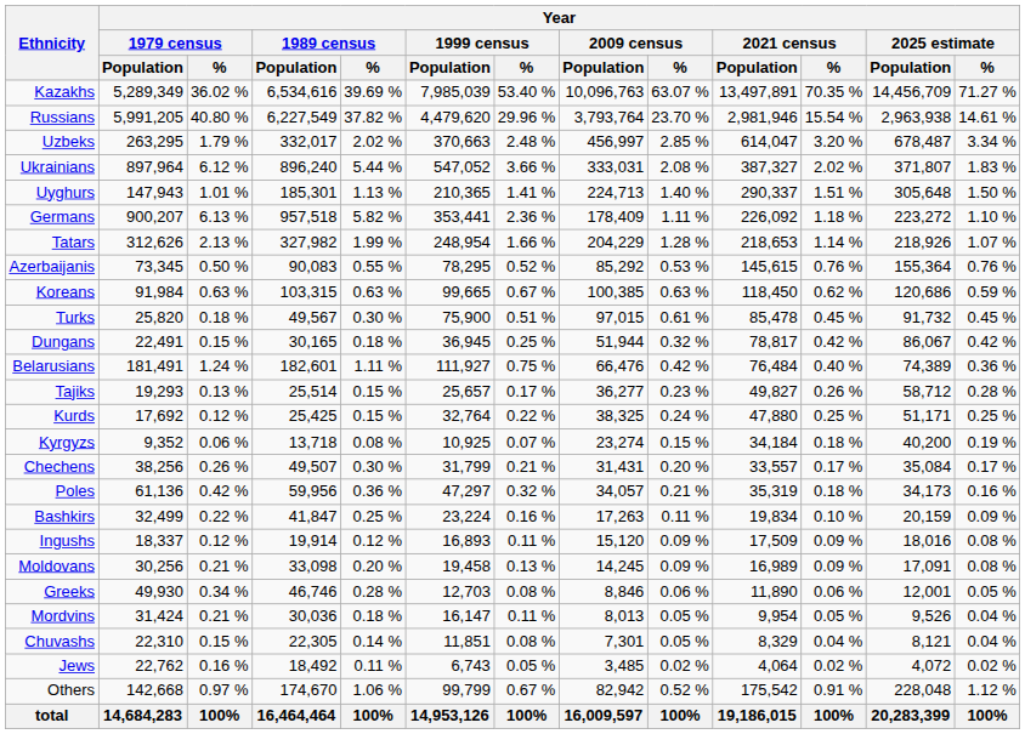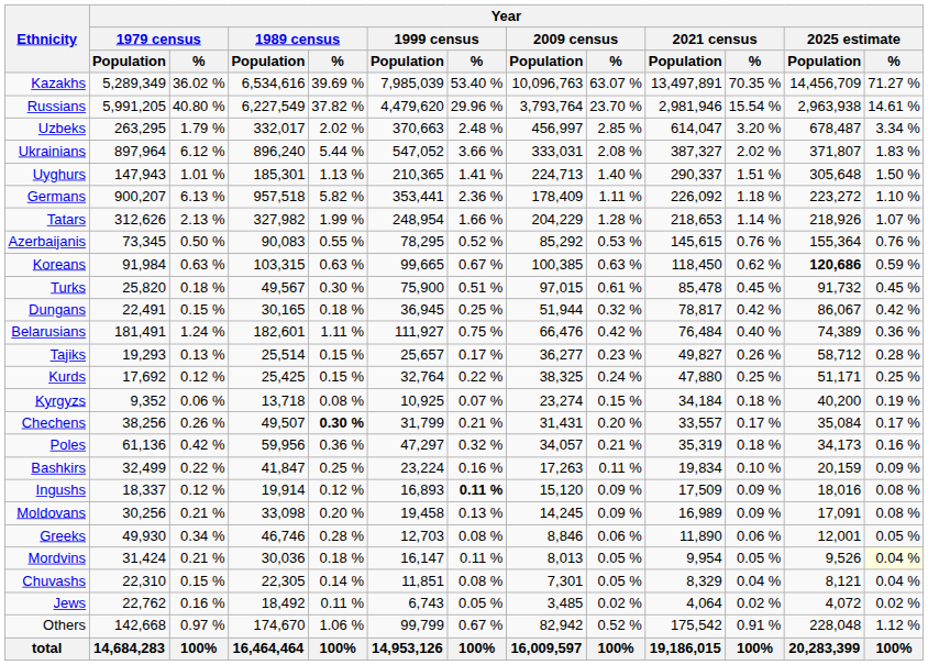 <table class="wikitable sortable" style="text-align:right">
 <tr>
 <th rowspan="3"><a href='#'>Ethnicity</a></th>
 <th colspan="12">Year</th>
 </tr>
 <tr>
 <th colspan="2"><a href='#'>1979 census</a></th>
 <th colspan="2"><a href='#'>1989 census</a></th>
 <th colspan="2">1999 census</th>
 <th colspan="2">2009 census</th>
 <th colspan="2">2021 census</th>
 <th colspan="2">2025 estimate</th>
 </tr>
 <tr align="center">
 <th style="width:60px">Population</th>
 <th>%</th>
 <th style="width:60px">Population</th>
 <th>%</th>
 <th style="width:60px">Population</th>
 <th>%</th>
 <th style="width:60px">Population</th>
 <th>%</th>
 <th>Population</th>
 <th>%</th>
 <th style="width:60px">Population</th>
 <th>%</th>
 </tr>
 <tr>
 <td><a href='#'>Kazakhs</a></td>
 <td>5,289,349</td>
 <td>36.02 %</td>
 <td>6,534,616</td>
 <td>39.69 %</td>
 <td>7,985,039</td>
 <td>53.40 %</td>
 <td>10,096,763</td>
 <td>63.07 %</td>
 <td>13,497,891</td>
 <td>70.35 %</td>
 <td>14,456,709</td>
 <td>71.27 %</td>
 </tr>
 <tr>
 <td><a href='#'>Russians</a></td>
 <td>5,991,205</td>
 <td>40.80 %</td>
 <td>6,227,549</td>
 <td>37.82 %</td>
 <td>4,479,620</td>
 <td>29.96 %</td>
 <td>3,793,764</td>
 <td>23.70 %</td>
 <td>2,981,946</td>
 <td>15.54 %</td>
 <td>2,963,938</td>
 <td>14.61 %</td>
 </tr>
 <tr>
 <td><a href='#'>Uzbeks</a></td>
 <td>263,295</td>
 <td>1.79 %</td>
 <td>332,017</td>
 <td>2.02 %</td>
 <td>370,663</td>
 <td>2.48 %</td>
 <td>456,997</td>
 <td>2.85 %</td>
 <td>614,047</td>
 <td>3.20 %</td>
 <td>678,487</td>
 <td>3.34 %</td>
 </tr>
 <tr>
 <td><a href='#'>Ukrainians</a></td>
 <td>897,964</td>
 <td>6.12 %</td>
 <td>896,240</td>
 <td>5.44 %</td>
 <td>547,052</td>
 <td>3.66 %</td>
 <td>333,031</td>
 <td>2.08 %</td>
 <td>387,327</td>
 <td>2.02 %</td>
 <td>371,807</td>
 <td>1.83 %</td>
 </tr>
 <tr>
 <td><a href='#'>Uyghurs</a></td>
 <td>147,943</td>
 <td>1.01 %</td>
 <td>185,301</td>
 <td>1.13 %</td>
 <td>210,365</td>
 <td>1.41 %</td>
 <td>224,713</td>
 <td>1.40 %</td>
 <td>290,337</td>
 <td>1.51 %</td>
 <td>305,648</td>
 <td>1.50 %</td>
 </tr>
 <tr>
 <td><a href='#'>Germans</a></td>
 <td>900,207</td>
 <td>6.13 %</td>
 <td>957,518</td>
 <td>5.82 %</td>
 <td>353,441</td>
 <td>2.36 %</td>
 <td>178,409</td>
 <td>1.11 %</td>
 <td>226,092</td>
 <td>1.18 %</td>
 <td>223,272</td>
 <td>1.10 %</td>
 </tr>
 <tr>
 <td><a href='#'>Tatars</a></td>
 <td>312,626</td>
 <td>2.13 %</td>
 <td>327,982</td>
 <td>1.99 %</td>
 <td>248,954</td>
 <td>1.66 %</td>
 <td>204,229</td>
 <td>1.28 %</td>
 <td>218,653</td>
 <td>1.14 %</td>
 <td>218,926</td>
 <td>1.07 %</td>
 </tr>
 <tr>
 <td><a href='#'>Azerbaijanis</a></td>
 <td>73,345</td>
 <td>0.50 %</td>
 <td>90,083</td>
 <td>0.55 %</td>
 <td>78,295</td>
 <td>0.52 %</td>
 <td>85,292</td>
 <td>0.53 %</td>
 <td>145,615</td>
 <td>0.76 %</td>
 <td>155,364</td>
 <td>0.76 %</td>
 </tr>
 <tr>
 <td><a href='#'>Koreans</a></td>
 <td>91,984</td>
 <td>0.63 %</td>
 <td>103,315</td>
 <td>0.63 %</td>
 <td>99,665</td>
 <td>0.67 %</td>
 <td>100,385</td>
 <td>0.63 %</td>
 <td>118,450</td>
 <td>0.62 %</td>
-<td>120,686</td>
+<td><strong>120,686</strong></td>
 <td>0.59 %</td>
 </tr>
 <tr>
 <td><a href='#'>Turks</a></td>
 <td>25,820</td>
 <td>0.18 %</td>
 <td>49,567</td>
 <td>0.30 %</td>
 <td>75,900</td>
 <td>0.51 %</td>
 <td>97,015</td>
 <td>0.61 %</td>
 <td>85,478</td>
 <td>0.45 %</td>
 <td>91,732</td>
 <td>0.45 %</td>
 </tr>
 <tr>
 <td><a href='#'>Dungans</a></td>
 <td>22,491</td>
 <td>0.15 %</td>
 <td>30,165</td>
 <td>0.18 %</td>
 <td>36,945</td>
 <td>0.25 %</td>
 <td>51,944</td>
 <td>0.32 %</td>
 <td>78,817</td>
 <td>0.42 %</td>
 <td>86,067</td>
 <td>0.42 %</td>
 </tr>
 <tr>
 <td><a href='#'>Belarusians</a></td>
 <td>181,491</td>
 <td>1.24 %</td>
 <td>182,601</td>
 <td>1.11 %</td>
 <td>111,927</td>
 <td>0.75 %</td>
 <td>66,476</td>
 <td>0.42 %</td>
 <td>76,484</td>
 <td>0.40 %</td>
 <td>74,389</td>
 <td>0.36 %</td>
 </tr>
 <tr>
 <td><a href='#'>Tajiks</a></td>
 <td>19,293</td>
 <td>0.13 %</td>
 <td>25,514</td>
 <td>0.15 %</td>
 <td>25,657</td>
 <td>0.17 %</td>
 <td>36,277</td>
 <td>0.23 %</td>
 <td>49,827</td>
 <td>0.26 %</td>
 <td>58,712</td>
 <td>0.28 %</td>
 </tr>
 <tr>
 <td><a href='#'>Kurds</a></td>
 <td>17,692</td>
 <td>0.12 %</td>
 <td>25,425</td>
 <td>0.15 %</td>
 <td>32,764</td>
 <td>0.22 %</td>
 <td>38,325</td>
 <td>0.24 %</td>
 <td>47,880</td>
 <td>0.25 %</td>
 <td>51,171</td>
 <td>0.25 %</td>
 </tr>
 <tr>
 <td><a href='#'>Kyrgyzs</a></td>
 <td>9,352</td>
 <td>0.06 %</td>
 <td>13,718</td>
 <td>0.08 %</td>
 <td>10,925</td>
 <td>0.07 %</td>
 <td>23,274</td>
 <td>0.15 %</td>
 <td>34,184</td>
 <td>0.18 %</td>
 <td>40,200</td>
 <td>0.19 %</td>
 </tr>
 <tr>
 <td><a href='#'>Chechens</a></td>
 <td>38,256</td>
 <td>0.26 %</td>
 <td>49,507</td>
-<td>0.30 %</td>
+<td><strong>0.30 %</strong></td>
 <td>31,799</td>
 <td>0.21 %</td>
 <td>31,431</td>
 <td>0.20 %</td>
 <td>33,557</td>
 <td>0.17 %</td>
 <td>35,084</td>
 <td>0.17 %</td>
 </tr>
 <tr>
 <td><a href='#'>Poles</a></td>
 <td>61,136</td>
 <td>0.42 %</td>
 <td>59,956</td>
 <td>0.36 %</td>
 <td>47,297</td>
 <td>0.32 %</td>
 <td>34,057</td>
 <td>0.21 %</td>
 <td>35,319</td>
 <td>0.18 %</td>
 <td>34,173</td>
 <td>0.16 %</td>
 </tr>
 <tr>
 <td><a href='#'>Bashkirs</a></td>
 <td>32,499</td>
 <td>0.22 %</td>
 <td>41,847</td>
 <td>0.25 %</td>
 <td>23,224</td>
 <td>0.16 %</td>
 <td>17,263</td>
 <td>0.11 %</td>
 <td>19,834</td>
 <td>0.10 %</td>
 <td>20,159</td>
 <td>0.09 %</td>
 </tr>
 <tr>
 <td><a href='#'>Ingushs</a></td>
 <td>18,337</td>
 <td>0.12 %</td>
 <td>19,914</td>
 <td>0.12 %</td>
 <td>16,893</td>
-<td>0.11 %</td>
+<td><strong>0.11 %</strong></td>
 <td>15,120</td>
 <td>0.09 %</td>
 <td>17,509</td>
 <td>0.09 %</td>
 <td>18,016</td>
 <td>0.08 %</td>
 </tr>
 <tr>
 <td><a href='#'>Moldovans</a></td>
 <td>30,256</td>
 <td>0.21 %</td>
 <td>33,098</td>
 <td>0.20 %</td>
 <td>19,458</td>
 <td>0.13 %</td>
 <td>14,245</td>
 <td>0.09 %</td>
 <td>16,989</td>
 <td>0.09 %</td>
 <td>17,091</td>
 <td>0.08 %</td>
 </tr>
 <tr>
 <td><a href='#'>Greeks</a></td>
 <td>49,930</td>
 <td>0.34 %</td>
 <td>46,746</td>
 <td>0.28 %</td>
 <td>12,703</td>
 <td>0.08 %</td>
 <td>8,846</td>
 <td>0.06 %</td>
 <td>11,890</td>
 <td>0.06 %</td>
 <td>12,001</td>
 <td>0.05 %</td>
 </tr>
 <tr>
 <td><a href='#'>Mordvins</a></td>
 <td>31,424</td>
 <td>0.21 %</td>
 <td>30,036</td>
 <td>0.18 %</td>
 <td>16,147</td>
 <td>0.11 %</td>
 <td>8,013</td>
 <td>0.05 %</td>
 <td>9,954</td>
 <td>0.05 %</td>
 <td>9,526</td>
-<td>0.04 %</td>
+<td style="background: lightyellow;">0.04 %</td>
 </tr>
 <tr>
 <td><a href='#'>Chuvashs</a></td>
 <td>22,310</td>
 <td>0.15 %</td>
 <td>22,305</td>
 <td>0.14 %</td>
 <td>11,851</td>
 <td>0.08 %</td>
 <td>7,301</td>
 <td>0.05 %</td>
 <td>8,329</td>
 <td>0.04 %</td>
 <td>8,121</td>
 <td>0.04 %</td>
 </tr>
 <tr>
 <td><a href='#'>Jews</a></td>
 <td>22,762</td>
 <td>0.16 %</td>
 <td>18,492</td>
 <td>0.11 %</td>
 <td>6,743</td>
 <td>0.05 %</td>
 <td>3,485</td>
 <td>0.02 %</td>
 <td>4,064</td>
 <td>0.02 %</td>
 <td>4,072</td>
 <td>0.02 %</td>
 </tr>
 <tr>
 <td>Others</td>
 <td>142,668</td>
 <td>0.97 %</td>
 <td>174,670</td>
 <td>1.06 %</td>
 <td>99,799</td>
 <td>0.67 %</td>
 <td>82,942</td>
 <td>0.52 %</td>
 <td>175,542</td>
 <td>0.91 %</td>
 <td>228,048</td>
 <td>1.12 %</td>
 </tr>
 <tr class="sortbottom">
 <th>total</th>
 <th>14,684,283</th>
 <th>100%</th>
 <th>16,464,464</th>
 <th>100%</th>
 <th>14,953,126</th>
 <th>100%</th>
 <th>16,009,597</th>
 <th>100%</th>
 <th>19,186,015</th>
 <th>100%</th>
 <th><strong>20,283,399</strong></th>
 <th>100%</th>
 </tr>
 </table>
